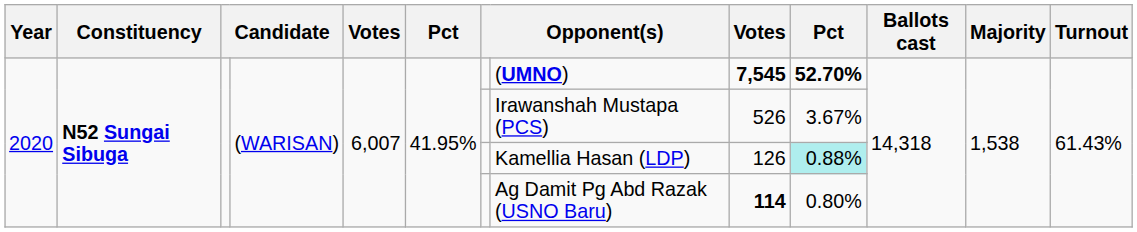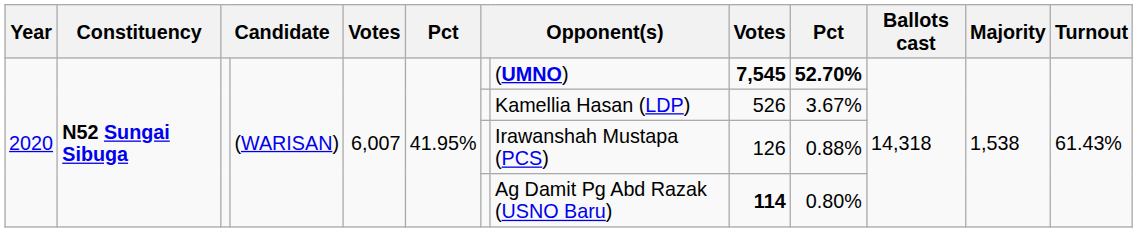 <table class="wikitable" style="margin:0.5em ; font-size:95%">
 <tr>
 <th>Year</th>
 <th>Constituency</th>
 <th colspan=2>Candidate</th>
 <th>Votes</th>
 <th>Pct</th>
 <th colspan=2>Opponent(s)</th>
 <th>Votes</th>
 <th>Pct</th>
 <th>Ballots cast</th>
 <th>Majority</th>
 <th>Turnout</th>
 </tr>
 <tr>
 <td rowspan=4><a href='#'>2020</a></td>
 <td rowspan=4><strong>N52 <a href='#'>Sungai Sibuga</a></strong></td>
 <td rowspan=4 ></td>
 <td rowspan=4> (<a href='#'>WARISAN</a>)</td>
 <td rowspan=4 align="right">6,007</td>
 <td rowspan=4>41.95%</td>
 <td></td>
 <td> (<a href='#'><strong>UMNO</strong></a>)</td>
 <td align="right"><strong>7,545</strong></td>
 <td><strong>52.70%</strong></td>
 <td rowspan=4>14,318</td>
 <td rowspan=4>1,538</td>
 <td rowspan=4>61.43%</td>
 </tr>
 <tr>
 <td></td>
-<td>Irawanshah Mustapa (<a href='#'>PCS</a>)</td>
+<td>Kamellia Hasan (<a href='#'>LDP</a>)</td>
 <td align="right">526</td>
 <td align="right">3.67%</td>
 </tr>
 <tr>
 <td></td>
-<td>Kamellia Hasan (<a href='#'>LDP</a>)</td>
+<td>Irawanshah Mustapa (<a href='#'>PCS</a>)</td>
 <td align="right">126</td>
-<td align="right" style="background: paleturquoise;">0.88%</td>
+<td align="right">0.88%</td>
 </tr>
 <tr>
 <td bgcolor=></td>
 <td>Ag Damit Pg Abd Razak (<a href='#'>USNO Baru</a>)</td>
 <td align="right"><strong>114</strong></td>
 <td align="right">0.80%</td>
 </tr>
 </table>
